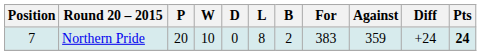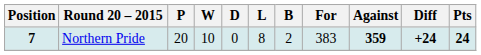 <table class="wikitable" style="text-align:center; font-size:85%;">
 <tr>
 <th width=40 abbr="Position">Position</th>
 <th width=100>Round 20 – 2015</th>
 <th width=20 abbr="Played">P</th>
 <th width=20 abbr="Won">W</th>
 <th width=20 abbr="Drawn">D</th>
 <th width=20 abbr="Lost">L</th>
 <th width=20 abbr="Bye">B</th>
 <th width=40 abbr="Points for">For</th>
 <th width=40 abbr="Points against">Against</th>
 <th width=40 abbr="Points difference">Diff</th>
 <th width=20 abbr="Points">Pts</th>
 </tr>
 <tr style="background: #d7ebed;">
-<td>7</td>
+<td><strong>7</strong></td>
 <td style="text-align:left;"> <a href='#'>Northern Pride</a></td>
 <td>20</td>
 <td>10</td>
 <td>0</td>
 <td>8</td>
 <td>2</td>
 <td>383</td>
-<td>359</td>
-<td>+24</td>
+<td><strong>359</strong></td>
+<td><strong>+24</strong></td>
 <td><strong>24</strong></td>
 </tr>
 <tr>
 </tr>
 </table>
